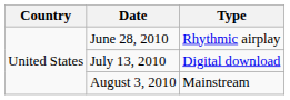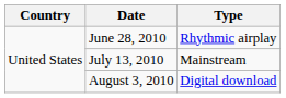 <table class="wikitable">
 <tr>
 <th>Country</th>
 <th>Date</th>
 <th>Type</th>
 </tr>
 <tr>
 <td rowspan="3">United States</td>
 <td>June 28, 2010</td>
 <td><a href='#'>Rhythmic</a> airplay</td>
 </tr>
 <tr>
 <td>July 13, 2010</td>
-<td><a href='#'>Digital download</a></td>
+<td>Mainstream</td>
 </tr>
 <tr>
 <td>August 3, 2010</td>
-<td>Mainstream</td>
+<td><a href='#'>Digital download</a></td>
 </tr>
 </table>
